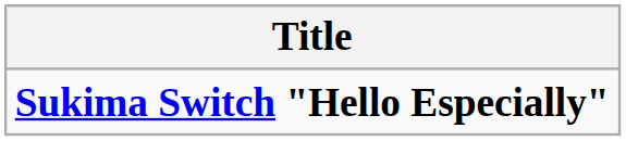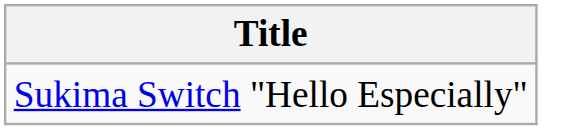 <table class="wikitable">
 <tr>
 <th>Title</th>
 </tr>
 <tr>
-<td><strong><a href='#'>Sukima Switch</a> "Hello Especially"</strong></td>
+<td><a href='#'>Sukima Switch</a> "Hello Especially"</td>
 </tr>
 </table>
